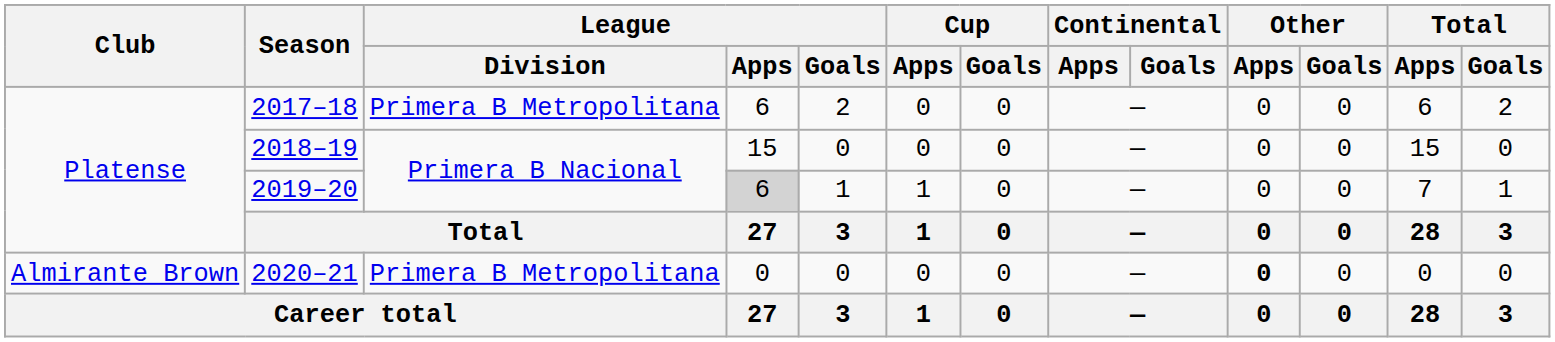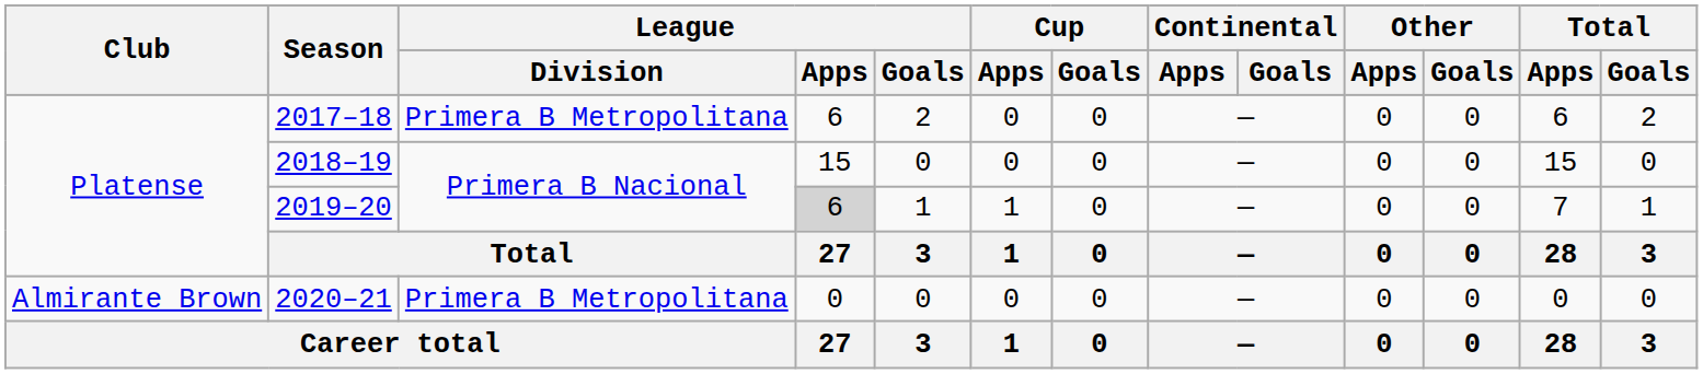 <table class="wikitable" style="text-align:center">
 <tr>
 <th rowspan="2">Club</th>
 <th rowspan="2">Season</th>
 <th colspan="3">League</th>
 <th colspan="2">Cup</th>
 <th colspan="2">Continental</th>
 <th colspan="2">Other</th>
 <th colspan="2">Total</th>
 </tr>
 <tr>
 <th>Division</th>
 <th>Apps</th>
 <th>Goals</th>
 <th>Apps</th>
 <th>Goals</th>
 <th>Apps</th>
 <th>Goals</th>
 <th>Apps</th>
 <th>Goals</th>
 <th>Apps</th>
 <th>Goals</th>
 </tr>
 <tr>
 <td rowspan="4"><a href='#'>Platense</a></td>
 <td><a href='#'>2017–18</a></td>
 <td rowspan="1"><a href='#'>Primera B Metropolitana</a></td>
 <td>6</td>
 <td>2</td>
 <td>0</td>
 <td>0</td>
 <td colspan="2">—</td>
 <td>0</td>
 <td>0</td>
 <td>6</td>
 <td>2</td>
 </tr>
 <tr>
 <td><a href='#'>2018–19</a></td>
 <td rowspan="2"><a href='#'>Primera B Nacional</a></td>
 <td>15</td>
 <td>0</td>
 <td>0</td>
 <td>0</td>
 <td colspan="2">—</td>
 <td>0</td>
 <td>0</td>
 <td>15</td>
 <td>0</td>
 </tr>
 <tr>
 <td><a href='#'>2019–20</a></td>
 <td style="background: lightgrey;">6</td>
 <td>1</td>
 <td>1</td>
 <td>0</td>
 <td colspan="2">—</td>
 <td>0</td>
 <td>0</td>
 <td>7</td>
 <td>1</td>
 </tr>
 <tr>
 <th colspan="2">Total</th>
 <th>27</th>
 <th>3</th>
 <th>1</th>
 <th>0</th>
 <th colspan="2">—</th>
 <th>0</th>
 <th>0</th>
 <th>28</th>
 <th>3</th>
 </tr>
 <tr>
 <td rowspan="1"><a href='#'>Almirante Brown</a></td>
 <td><a href='#'>2020–21</a></td>
 <td rowspan="1"><a href='#'>Primera B Metropolitana</a></td>
 <td>0</td>
 <td>0</td>
 <td>0</td>
 <td>0</td>
 <td colspan="2">—</td>
-<td><strong>0</strong></td>
+<td>0</td>
 <td>0</td>
 <td>0</td>
 <td>0</td>
 </tr>
 <tr>
 <th colspan="3">Career total</th>
 <th>27</th>
 <th>3</th>
 <th>1</th>
 <th>0</th>
 <th colspan="2">—</th>
 <th>0</th>
 <th>0</th>
 <th>28</th>
 <th>3</th>
 </tr>
 </table>
